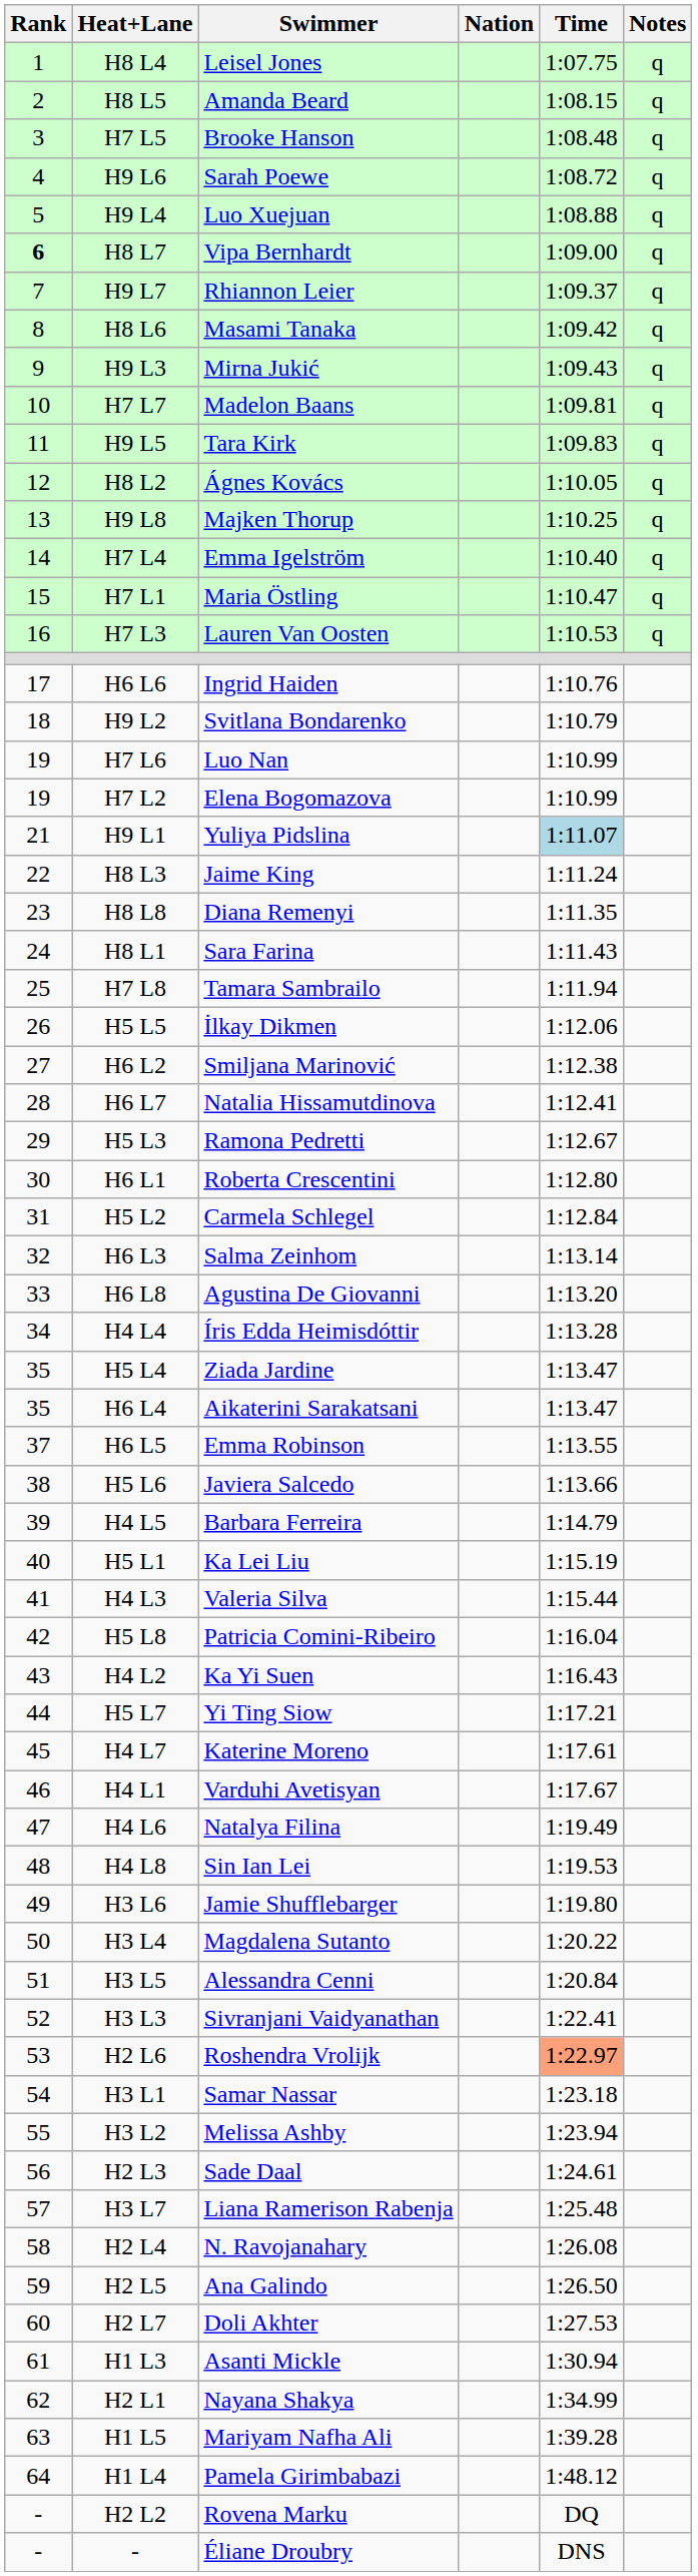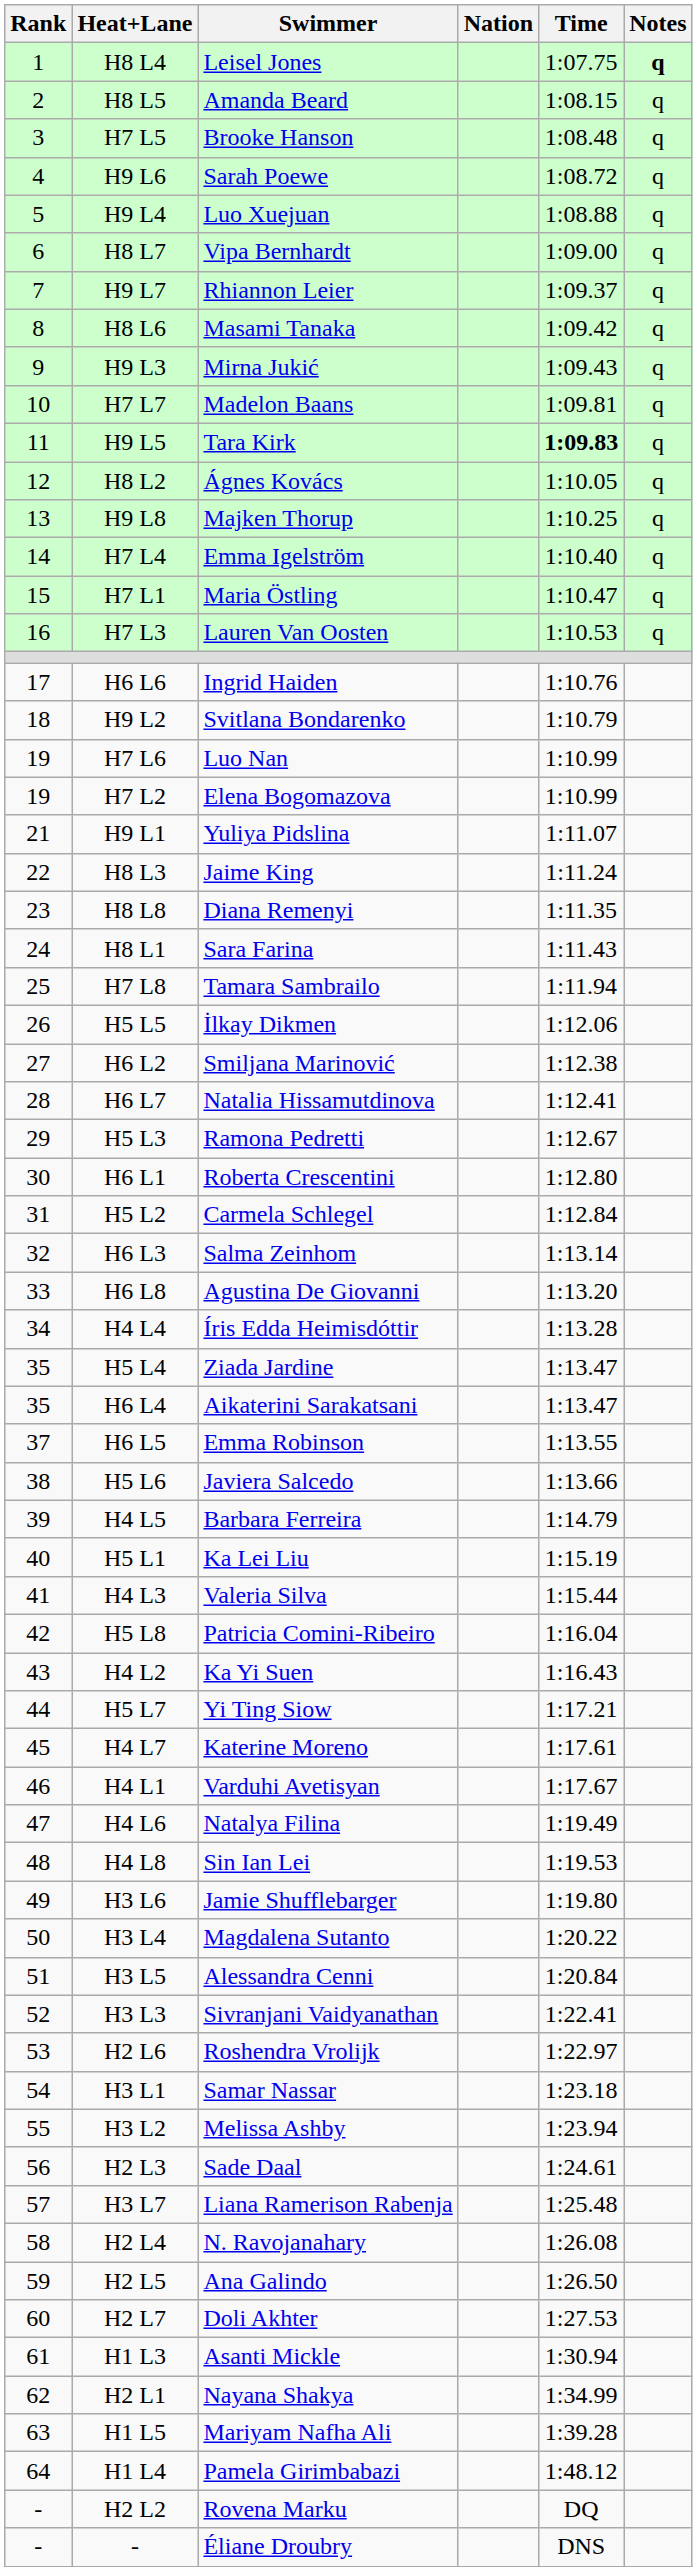 <table class="wikitable sortable" style="text-align:center">
 <tr>
 <th>Rank</th>
 <th>Heat+Lane</th>
 <th>Swimmer</th>
 <th>Nation</th>
 <th>Time</th>
 <th>Notes</th>
 </tr>
 <tr bgcolor=ccffcc>
 <td>1</td>
 <td>H8 L4</td>
 <td align=left><a href='#'>Leisel Jones</a></td>
 <td align=left></td>
 <td>1:07.75</td>
-<td>q</td>
+<td><strong>q</strong></td>
 </tr>
 <tr bgcolor=ccffcc>
 <td>2</td>
 <td>H8 L5</td>
 <td align=left><a href='#'>Amanda Beard</a></td>
 <td align=left></td>
 <td>1:08.15</td>
 <td>q</td>
 </tr>
 <tr bgcolor=ccffcc>
 <td>3</td>
 <td>H7 L5</td>
 <td align=left><a href='#'>Brooke Hanson</a></td>
 <td align=left></td>
 <td>1:08.48</td>
 <td>q</td>
 </tr>
 <tr bgcolor=ccffcc>
 <td>4</td>
 <td>H9 L6</td>
 <td align=left><a href='#'>Sarah Poewe</a></td>
 <td align=left></td>
 <td>1:08.72</td>
 <td>q</td>
 </tr>
 <tr bgcolor=ccffcc>
 <td>5</td>
 <td>H9 L4</td>
 <td align=left><a href='#'>Luo Xuejuan</a></td>
 <td align=left></td>
 <td>1:08.88</td>
 <td>q</td>
 </tr>
 <tr bgcolor=ccffcc>
-<td><strong>6</strong></td>
+<td>6</td>
 <td>H8 L7</td>
 <td align=left><a href='#'>Vipa Bernhardt</a></td>
 <td align=left></td>
 <td>1:09.00</td>
 <td>q</td>
 </tr>
 <tr bgcolor=ccffcc>
 <td>7</td>
 <td>H9 L7</td>
 <td align=left><a href='#'>Rhiannon Leier</a></td>
 <td align=left></td>
 <td>1:09.37</td>
 <td>q</td>
 </tr>
 <tr bgcolor=ccffcc>
 <td>8</td>
 <td>H8 L6</td>
 <td align=left><a href='#'>Masami Tanaka</a></td>
 <td align=left></td>
 <td>1:09.42</td>
 <td>q</td>
 </tr>
 <tr bgcolor=ccffcc>
 <td>9</td>
 <td>H9 L3</td>
 <td align=left><a href='#'>Mirna Jukić</a></td>
 <td align=left></td>
 <td>1:09.43</td>
 <td>q</td>
 </tr>
 <tr bgcolor=ccffcc>
 <td>10</td>
 <td>H7 L7</td>
 <td align=left><a href='#'>Madelon Baans</a></td>
 <td align=left></td>
 <td>1:09.81</td>
 <td>q</td>
 </tr>
 <tr bgcolor=ccffcc>
 <td>11</td>
 <td>H9 L5</td>
 <td align=left><a href='#'>Tara Kirk</a></td>
 <td align=left></td>
-<td>1:09.83</td>
+<td><strong>1:09.83</strong></td>
 <td>q</td>
 </tr>
 <tr bgcolor=ccffcc>
 <td>12</td>
 <td>H8 L2</td>
 <td align=left><a href='#'>Ágnes Kovács</a></td>
 <td align=left></td>
 <td>1:10.05</td>
 <td>q</td>
 </tr>
 <tr bgcolor=ccffcc>
 <td>13</td>
 <td>H9 L8</td>
 <td align=left><a href='#'>Majken Thorup</a></td>
 <td align=left></td>
 <td>1:10.25</td>
 <td>q</td>
 </tr>
 <tr bgcolor=ccffcc>
 <td>14</td>
 <td>H7 L4</td>
 <td align=left><a href='#'>Emma Igelström</a></td>
 <td align=left></td>
 <td>1:10.40</td>
 <td>q</td>
 </tr>
 <tr bgcolor=ccffcc>
 <td>15</td>
 <td>H7 L1</td>
 <td align=left><a href='#'>Maria Östling</a></td>
 <td align=left></td>
 <td>1:10.47</td>
 <td>q</td>
 </tr>
 <tr bgcolor=ccffcc>
 <td>16</td>
 <td>H7 L3</td>
 <td align=left><a href='#'>Lauren Van Oosten</a></td>
 <td align=left></td>
 <td>1:10.53</td>
 <td>q</td>
 </tr>
 <tr bgcolor=#DDDDDD>
 <td colspan=6></td>
 </tr>
 <tr>
 <td>17</td>
 <td>H6 L6</td>
 <td align=left><a href='#'>Ingrid Haiden</a></td>
 <td align=left></td>
 <td>1:10.76</td>
 <td></td>
 </tr>
 <tr>
 <td>18</td>
 <td>H9 L2</td>
 <td align=left><a href='#'>Svitlana Bondarenko</a></td>
 <td align=left></td>
 <td>1:10.79</td>
 <td></td>
 </tr>
 <tr>
 <td>19</td>
 <td>H7 L6</td>
 <td align=left><a href='#'>Luo Nan</a></td>
 <td align=left></td>
 <td>1:10.99</td>
 <td></td>
 </tr>
 <tr>
 <td>19</td>
 <td>H7 L2</td>
 <td align=left><a href='#'>Elena Bogomazova</a></td>
 <td align=left></td>
 <td>1:10.99</td>
 <td></td>
 </tr>
 <tr>
 <td>21</td>
 <td>H9 L1</td>
 <td align=left><a href='#'>Yuliya Pidslina</a></td>
 <td align=left></td>
-<td style="background: lightblue;">1:11.07</td>
+<td>1:11.07</td>
 <td></td>
 </tr>
 <tr>
 <td>22</td>
 <td>H8 L3</td>
 <td align=left><a href='#'>Jaime King</a></td>
 <td align=left></td>
 <td>1:11.24</td>
 <td></td>
 </tr>
 <tr>
 <td>23</td>
 <td>H8 L8</td>
 <td align=left><a href='#'>Diana Remenyi</a></td>
 <td align=left></td>
 <td>1:11.35</td>
 <td></td>
 </tr>
 <tr>
 <td>24</td>
 <td>H8 L1</td>
 <td align=left><a href='#'>Sara Farina</a></td>
 <td align=left></td>
 <td>1:11.43</td>
 <td></td>
 </tr>
 <tr>
 <td>25</td>
 <td>H7 L8</td>
 <td align=left><a href='#'>Tamara Sambrailo</a></td>
 <td align=left></td>
 <td>1:11.94</td>
 <td></td>
 </tr>
 <tr>
 <td>26</td>
 <td>H5 L5</td>
 <td align=left><a href='#'>İlkay Dikmen</a></td>
 <td align=left></td>
 <td>1:12.06</td>
 <td></td>
 </tr>
 <tr>
 <td>27</td>
 <td>H6 L2</td>
 <td align=left><a href='#'>Smiljana Marinović</a></td>
 <td align=left></td>
 <td>1:12.38</td>
 <td></td>
 </tr>
 <tr>
 <td>28</td>
 <td>H6 L7</td>
 <td align=left><a href='#'>Natalia Hissamutdinova</a></td>
 <td align=left></td>
 <td>1:12.41</td>
 <td></td>
 </tr>
 <tr>
 <td>29</td>
 <td>H5 L3</td>
 <td align=left><a href='#'>Ramona Pedretti</a></td>
 <td align=left></td>
 <td>1:12.67</td>
 <td></td>
 </tr>
 <tr>
 <td>30</td>
 <td>H6 L1</td>
 <td align=left><a href='#'>Roberta Crescentini</a></td>
 <td align=left></td>
 <td>1:12.80</td>
 <td></td>
 </tr>
 <tr>
 <td>31</td>
 <td>H5 L2</td>
 <td align=left><a href='#'>Carmela Schlegel</a></td>
 <td align=left></td>
 <td>1:12.84</td>
 <td></td>
 </tr>
 <tr>
 <td>32</td>
 <td>H6 L3</td>
 <td align=left><a href='#'>Salma Zeinhom</a></td>
 <td align=left></td>
 <td>1:13.14</td>
 <td></td>
 </tr>
 <tr>
 <td>33</td>
 <td>H6 L8</td>
 <td align=left><a href='#'>Agustina De Giovanni</a></td>
 <td align=left></td>
 <td>1:13.20</td>
 <td></td>
 </tr>
 <tr>
 <td>34</td>
 <td>H4 L4</td>
 <td align=left><a href='#'>Íris Edda Heimisdóttir</a></td>
 <td align=left></td>
 <td>1:13.28</td>
 <td></td>
 </tr>
 <tr>
 <td>35</td>
 <td>H5 L4</td>
 <td align=left><a href='#'>Ziada Jardine</a></td>
 <td align=left></td>
 <td>1:13.47</td>
 <td></td>
 </tr>
 <tr>
 <td>35</td>
 <td>H6 L4</td>
 <td align=left><a href='#'>Aikaterini Sarakatsani</a></td>
 <td align=left></td>
 <td>1:13.47</td>
 <td></td>
 </tr>
 <tr>
 <td>37</td>
 <td>H6 L5</td>
 <td align=left><a href='#'>Emma Robinson</a></td>
 <td align=left></td>
 <td>1:13.55</td>
 <td></td>
 </tr>
 <tr>
 <td>38</td>
 <td>H5 L6</td>
 <td align=left><a href='#'>Javiera Salcedo</a></td>
 <td align=left></td>
 <td>1:13.66</td>
 <td></td>
 </tr>
 <tr>
 <td>39</td>
 <td>H4 L5</td>
 <td align=left><a href='#'>Barbara Ferreira</a></td>
 <td align=left></td>
 <td>1:14.79</td>
 <td></td>
 </tr>
 <tr>
 <td>40</td>
 <td>H5 L1</td>
 <td align=left><a href='#'>Ka Lei Liu</a></td>
 <td align=left></td>
 <td>1:15.19</td>
 <td></td>
 </tr>
 <tr>
 <td>41</td>
 <td>H4 L3</td>
 <td align=left><a href='#'>Valeria Silva</a></td>
 <td align=left></td>
 <td>1:15.44</td>
 <td></td>
 </tr>
 <tr>
 <td>42</td>
 <td>H5 L8</td>
 <td align=left><a href='#'>Patricia Comini-Ribeiro</a></td>
 <td align=left></td>
 <td>1:16.04</td>
 <td></td>
 </tr>
 <tr>
 <td>43</td>
 <td>H4 L2</td>
 <td align=left><a href='#'>Ka Yi Suen</a></td>
 <td align=left></td>
 <td>1:16.43</td>
 <td></td>
 </tr>
 <tr>
 <td>44</td>
 <td>H5 L7</td>
 <td align=left><a href='#'>Yi Ting Siow</a></td>
 <td align=left></td>
 <td>1:17.21</td>
 <td></td>
 </tr>
 <tr>
 <td>45</td>
 <td>H4 L7</td>
 <td align=left><a href='#'>Katerine Moreno</a></td>
 <td align=left></td>
 <td>1:17.61</td>
 <td></td>
 </tr>
 <tr>
 <td>46</td>
 <td>H4 L1</td>
 <td align=left><a href='#'>Varduhi Avetisyan</a></td>
 <td align=left></td>
 <td>1:17.67</td>
 <td></td>
 </tr>
 <tr>
 <td>47</td>
 <td>H4 L6</td>
 <td align=left><a href='#'>Natalya Filina</a></td>
 <td align=left></td>
 <td>1:19.49</td>
 <td></td>
 </tr>
 <tr>
 <td>48</td>
 <td>H4 L8</td>
 <td align=left><a href='#'>Sin Ian Lei</a></td>
 <td align=left></td>
 <td>1:19.53</td>
 <td></td>
 </tr>
 <tr>
 <td>49</td>
 <td>H3 L6</td>
 <td align=left><a href='#'>Jamie Shufflebarger</a></td>
 <td align=left></td>
 <td>1:19.80</td>
 <td></td>
 </tr>
 <tr>
 <td>50</td>
 <td>H3 L4</td>
 <td align=left><a href='#'>Magdalena Sutanto</a></td>
 <td align=left></td>
 <td>1:20.22</td>
 <td></td>
 </tr>
 <tr>
 <td>51</td>
 <td>H3 L5</td>
 <td align=left><a href='#'>Alessandra Cenni</a></td>
 <td align=left></td>
 <td>1:20.84</td>
 <td></td>
 </tr>
 <tr>
 <td>52</td>
 <td>H3 L3</td>
 <td align=left><a href='#'>Sivranjani Vaidyanathan</a></td>
 <td align=left></td>
 <td>1:22.41</td>
 <td></td>
 </tr>
 <tr>
 <td>53</td>
 <td>H2 L6</td>
 <td align=left><a href='#'>Roshendra Vrolijk</a></td>
 <td align=left></td>
-<td style="background: lightsalmon;">1:22.97</td>
+<td>1:22.97</td>
 <td></td>
 </tr>
 <tr>
 <td>54</td>
 <td>H3 L1</td>
 <td align=left><a href='#'>Samar Nassar</a></td>
 <td align=left></td>
 <td>1:23.18</td>
 <td></td>
 </tr>
 <tr>
 <td>55</td>
 <td>H3 L2</td>
 <td align=left><a href='#'>Melissa Ashby</a></td>
 <td align=left></td>
 <td>1:23.94</td>
 <td></td>
 </tr>
 <tr>
 <td>56</td>
 <td>H2 L3</td>
 <td align=left><a href='#'>Sade Daal</a></td>
 <td align=left></td>
 <td>1:24.61</td>
 <td></td>
 </tr>
 <tr>
 <td>57</td>
 <td>H3 L7</td>
 <td align=left><a href='#'>Liana Ramerison Rabenja</a></td>
 <td align=left></td>
 <td>1:25.48</td>
 <td></td>
 </tr>
 <tr>
 <td>58</td>
 <td>H2 L4</td>
 <td align=left><a href='#'>N. Ravojanahary</a></td>
 <td align=left></td>
 <td>1:26.08</td>
 <td></td>
 </tr>
 <tr>
 <td>59</td>
 <td>H2 L5</td>
 <td align=left><a href='#'>Ana Galindo</a></td>
 <td align=left></td>
 <td>1:26.50</td>
 <td></td>
 </tr>
 <tr>
 <td>60</td>
 <td>H2 L7</td>
 <td align=left><a href='#'>Doli Akhter</a></td>
 <td align=left></td>
 <td>1:27.53</td>
 <td></td>
 </tr>
 <tr>
 <td>61</td>
 <td>H1 L3</td>
 <td align=left><a href='#'>Asanti Mickle</a></td>
 <td align=left></td>
 <td>1:30.94</td>
 <td></td>
 </tr>
 <tr>
 <td>62</td>
 <td>H2 L1</td>
 <td align=left><a href='#'>Nayana Shakya</a></td>
 <td align=left></td>
 <td>1:34.99</td>
 <td></td>
 </tr>
 <tr>
 <td>63</td>
 <td>H1 L5</td>
 <td align=left><a href='#'>Mariyam Nafha Ali</a></td>
 <td align=left></td>
 <td>1:39.28</td>
 <td></td>
 </tr>
 <tr>
 <td>64</td>
 <td>H1 L4</td>
 <td align=left><a href='#'>Pamela Girimbabazi</a></td>
 <td align=left></td>
 <td>1:48.12</td>
 <td></td>
 </tr>
 <tr>
 <td>-</td>
 <td>H2 L2</td>
 <td align=left><a href='#'>Rovena Marku</a></td>
 <td align=left></td>
 <td>DQ</td>
 <td></td>
 </tr>
 <tr>
 <td>-</td>
 <td>-</td>
 <td align=left><a href='#'>Éliane Droubry</a></td>
 <td align=left></td>
 <td>DNS</td>
 <td></td>
 </tr>
 <tr>
 </tr>
 </table>
